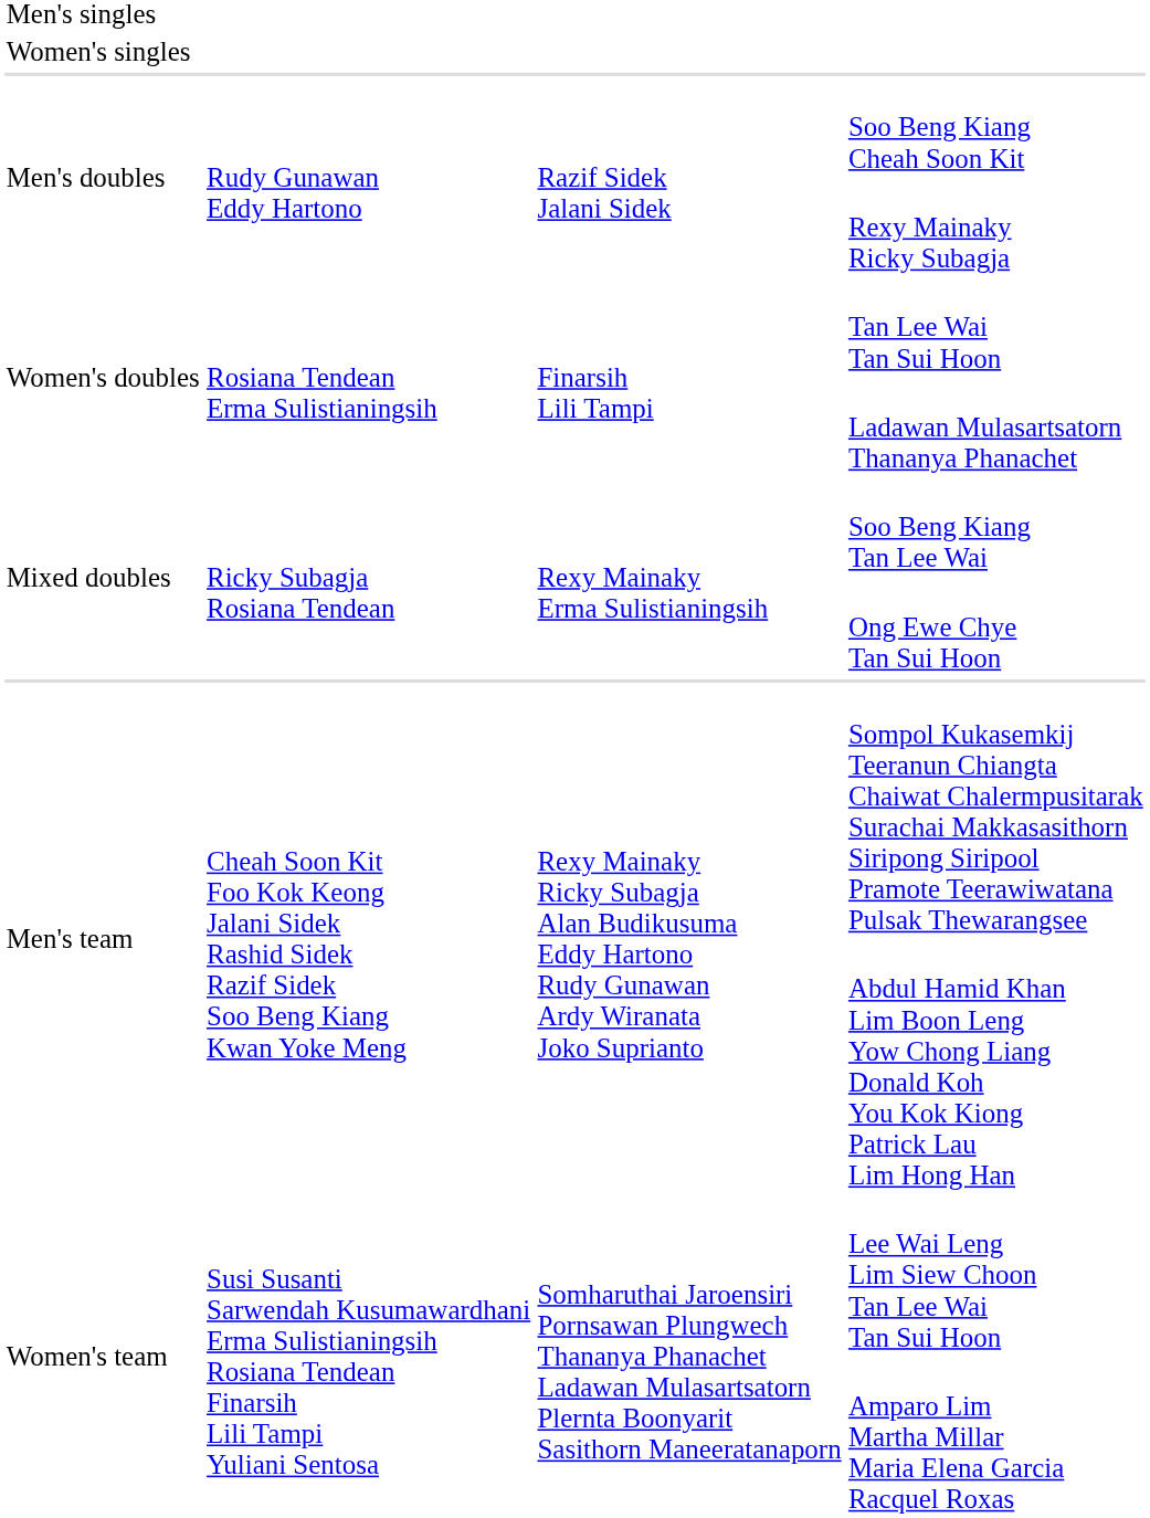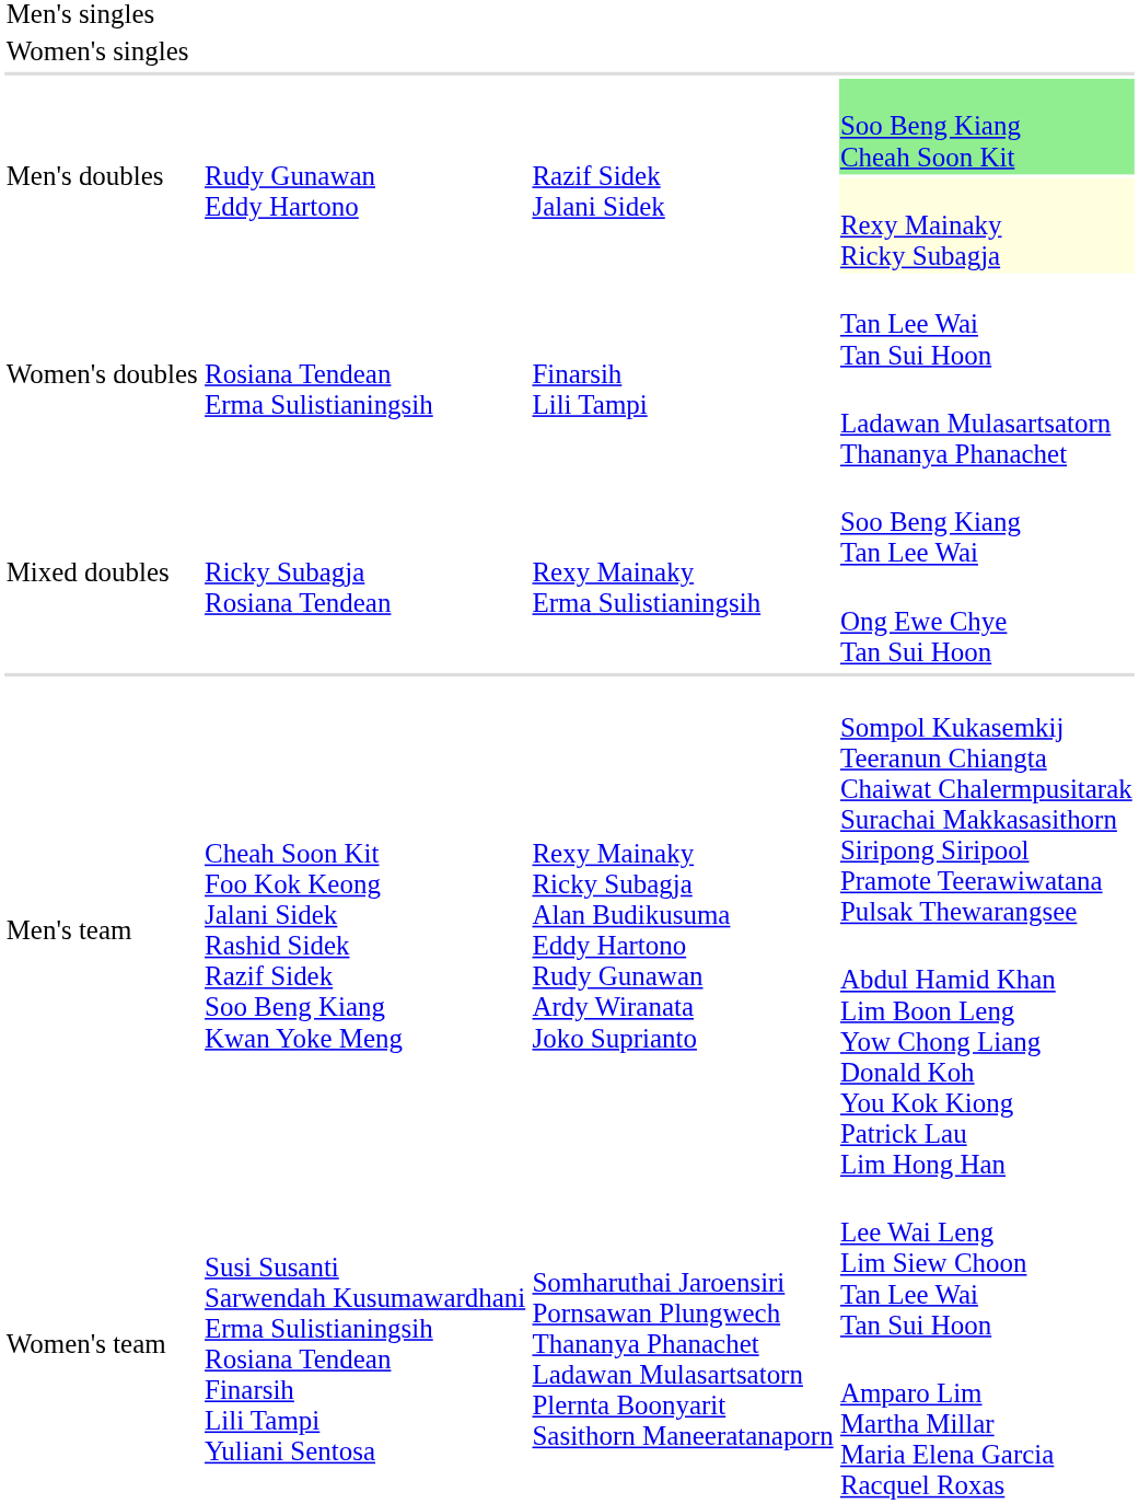 <table>
 <tr>
 <td rowspan=2>Men's singles<br></td>
 <td rowspan=2></td>
 <td rowspan=2></td>
 <td></td>
 </tr>
 <tr>
 <td></td>
 </tr>
 <tr>
 <td rowspan=2>Women's singles<br></td>
 <td rowspan=2></td>
 <td rowspan=2></td>
 <td></td>
 </tr>
 <tr>
 <td></td>
 </tr>
 <tr style="background:#dddddd;">
 <td colspan=7></td>
 </tr>
 <tr>
 <td rowspan=2>Men's doubles<br></td>
 <td rowspan=2><br><a href='#'>Rudy Gunawan</a><br><a href='#'>Eddy Hartono</a></td>
 <td rowspan=2><br><a href='#'>Razif Sidek</a><br><a href='#'>Jalani Sidek</a></td>
-<td><br><a href='#'>Soo Beng Kiang</a><br><a href='#'>Cheah Soon Kit</a></td>
+<td style="background: lightgreen;"><br><a href='#'>Soo Beng Kiang</a><br><a href='#'>Cheah Soon Kit</a></td>
 </tr>
 <tr>
-<td><br><a href='#'>Rexy Mainaky</a><br><a href='#'>Ricky Subagja</a></td>
+<td style="background: lightyellow;"><br><a href='#'>Rexy Mainaky</a><br><a href='#'>Ricky Subagja</a></td>
 </tr>
 <tr>
 <td rowspan=2>Women's doubles<br></td>
 <td rowspan=2><br><a href='#'>Rosiana Tendean</a><br><a href='#'>Erma Sulistianingsih</a></td>
 <td rowspan=2><br><a href='#'>Finarsih</a><br><a href='#'>Lili Tampi</a></td>
 <td><br><a href='#'>Tan Lee Wai</a><br><a href='#'>Tan Sui Hoon</a></td>
 </tr>
 <tr>
 <td><br><a href='#'>Ladawan Mulasartsatorn</a><br><a href='#'>Thananya Phanachet</a></td>
 </tr>
 <tr>
 <td rowspan=2>Mixed doubles<br></td>
 <td rowspan=2><br><a href='#'>Ricky Subagja</a><br><a href='#'>Rosiana Tendean</a></td>
 <td rowspan=2><br><a href='#'>Rexy Mainaky</a><br><a href='#'>Erma Sulistianingsih</a></td>
 <td><br><a href='#'>Soo Beng Kiang</a><br><a href='#'>Tan Lee Wai</a></td>
 </tr>
 <tr>
 <td><br><a href='#'>Ong Ewe Chye</a><br><a href='#'>Tan Sui Hoon</a></td>
 </tr>
 <tr style="background:#dddddd;">
 <td colspan=7></td>
 </tr>
 <tr>
 <td rowspan=2>Men's team<br></td>
 <td rowspan=2><br><a href='#'>Cheah Soon Kit</a><br><a href='#'>Foo Kok Keong</a><br><a href='#'>Jalani Sidek</a><br><a href='#'>Rashid Sidek</a><br><a href='#'>Razif Sidek</a><br><a href='#'>Soo Beng Kiang</a><br><a href='#'>Kwan Yoke Meng</a></td>
 <td rowspan=2><br><a href='#'>Rexy Mainaky</a><br><a href='#'>Ricky Subagja</a><br><a href='#'>Alan Budikusuma</a><br><a href='#'>Eddy Hartono</a><br><a href='#'>Rudy Gunawan</a><br><a href='#'>Ardy Wiranata</a><br><a href='#'>Joko Suprianto</a></td>
 <td><br><a href='#'>Sompol Kukasemkij</a><br><a href='#'>Teeranun Chiangta</a><br><a href='#'>Chaiwat Chalermpusitarak</a><br><a href='#'>Surachai Makkasasithorn</a><br><a href='#'>Siripong Siripool</a><br><a href='#'>Pramote Teerawiwatana</a><br><a href='#'>Pulsak Thewarangsee</a></td>
 </tr>
 <tr>
 <td><br><a href='#'>Abdul Hamid Khan</a><br><a href='#'>Lim Boon Leng</a><br><a href='#'>Yow Chong Liang</a><br><a href='#'>Donald Koh</a><br><a href='#'>You Kok Kiong</a><br><a href='#'>Patrick Lau</a><br><a href='#'>Lim Hong Han</a></td>
 </tr>
 <tr>
 <td rowspan=2>Women's team<br></td>
 <td rowspan=2><br><a href='#'>Susi Susanti</a><br><a href='#'>Sarwendah Kusumawardhani</a><br><a href='#'>Erma Sulistianingsih</a><br><a href='#'>Rosiana Tendean</a><br><a href='#'>Finarsih</a><br><a href='#'>Lili Tampi</a><br><a href='#'>Yuliani Sentosa</a></td>
 <td rowspan=2><br><a href='#'>Somharuthai Jaroensiri</a><br><a href='#'>Pornsawan Plungwech</a><br><a href='#'>Thananya Phanachet</a><br><a href='#'>Ladawan Mulasartsatorn</a><br><a href='#'>Plernta Boonyarit</a><br><a href='#'>Sasithorn Maneeratanaporn</a></td>
 <td><br><a href='#'>Lee Wai Leng</a><br><a href='#'>Lim Siew Choon</a><br><a href='#'>Tan Lee Wai</a><br><a href='#'>Tan Sui Hoon</a></td>
 </tr>
 <tr>
 <td><br><a href='#'>Amparo Lim</a><br><a href='#'>Martha Millar</a><br><a href='#'>Maria Elena Garcia</a><br><a href='#'>Racquel Roxas</a></td>
 </tr>
 </table>
